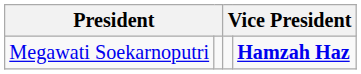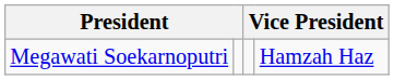 <table class="wikitable">
 <tr>
 <th colspan="2">President</th>
 <th colspan="2">Vice President</th>
 </tr>
 <tr>
 <td align="right"><a href='#'>Megawati Soekarnoputri</a></td>
 <td align="right"></td>
 <td align="left"></td>
-<td align="left"><strong><a href='#'>Hamzah Haz</a></strong></td>
+<td align="left"><a href='#'>Hamzah Haz</a></td>
 </tr>
 </table>
